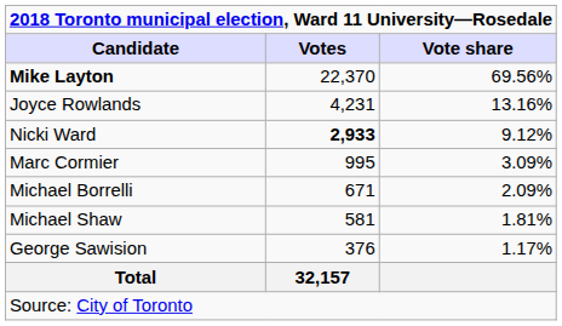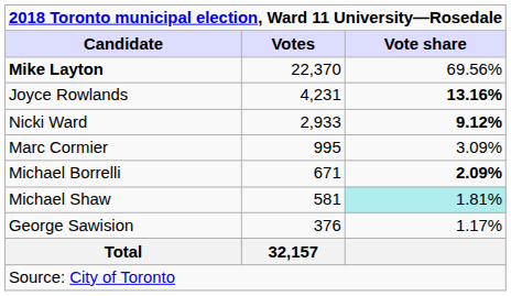 <table class="wikitable plainrowheaders">
 <tr>
 <td colspan="3"><strong><a href='#'>2018 Toronto municipal election</a>, Ward 11 University—Rosedale</strong></td>
 </tr>
 <tr>
 <th scope="col" style="background:#ddf;">Candidate</th>
 <th scope="col" style="background:#ddf;">Votes</th>
 <th scope="col" style="background:#ddf;">Vote share</th>
 </tr>
 <tr>
 <td scope="row"><strong>Mike Layton</strong></td>
 <td align="right">22,370</td>
 <td align="right">69.56%</td>
 </tr>
 <tr>
 <td scope="row">Joyce Rowlands</td>
 <td align="right">4,231</td>
-<td align="right">13.16%</td>
+<td align="right"><strong>13.16%</strong></td>
 </tr>
 <tr>
 <td scope="row">Nicki Ward</td>
-<td align="right"><strong>2,933</strong></td>
-<td align="right">9.12%</td>
+<td align="right">2,933</td>
+<td align="right"><strong>9.12%</strong></td>
 </tr>
 <tr>
 <td scope="row">Marc Cormier</td>
 <td align="right">995</td>
 <td align="right">3.09%</td>
 </tr>
 <tr>
 <td scope="row">Michael Borrelli</td>
 <td align="right">671</td>
-<td align="right">2.09%</td>
+<td align="right"><strong>2.09%</strong></td>
 </tr>
 <tr>
 <td scope="row">Michael Shaw</td>
 <td align="right">581</td>
-<td align="right">1.81%</td>
+<td align="right" style="background: paleturquoise;">1.81%</td>
 </tr>
 <tr>
 <td scope="row">George Sawision</td>
 <td align="right">376</td>
 <td align="right">1.17%</td>
 </tr>
 <tr>
 <th scope="row"><strong>Total</strong></th>
 <th align="right">32,157</th>
 <th align="right"></th>
 </tr>
 <tr>
 <td colspan="3">Source: <a href='#'>City of Toronto</a></td>
 </tr>
 </table>
